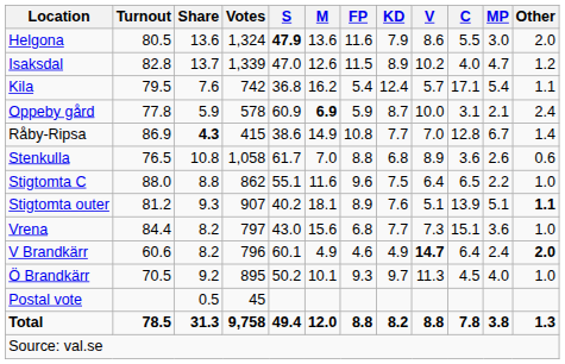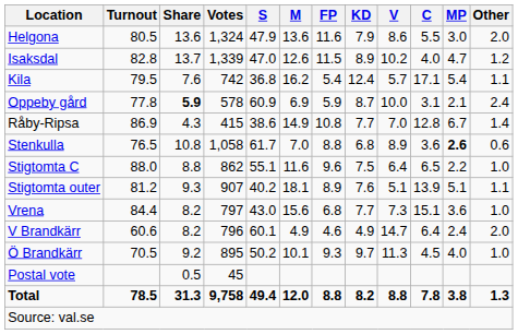 <table class="wikitable sortable" style=text-align:right>
 <tr>
 <th>Location</th>
 <th>Turnout</th>
 <th>Share</th>
 <th>Votes</th>
 <th><a href='#'>S</a></th>
 <th><a href='#'>M</a></th>
 <th><a href='#'>FP</a></th>
 <th><a href='#'>KD</a></th>
 <th><a href='#'>V</a></th>
 <th><a href='#'>C</a></th>
 <th><a href='#'>MP</a></th>
 <th>Other</th>
 </tr>
 <tr>
 <td align=left><a href='#'>Helgona</a></td>
 <td>80.5</td>
 <td>13.6</td>
 <td>1,324</td>
-<td><strong>47.9</strong></td>
+<td>47.9</td>
 <td>13.6</td>
 <td>11.6</td>
 <td>7.9</td>
 <td>8.6</td>
 <td>5.5</td>
 <td>3.0</td>
 <td>2.0</td>
 </tr>
 <tr>
 <td align=left><a href='#'>Isaksdal</a></td>
 <td>82.8</td>
 <td>13.7</td>
 <td>1,339</td>
 <td>47.0</td>
 <td>12.6</td>
 <td>11.5</td>
 <td>8.9</td>
 <td>10.2</td>
 <td>4.0</td>
 <td>4.7</td>
 <td>1.2</td>
 </tr>
 <tr>
 <td align=left><a href='#'>Kila</a></td>
 <td>79.5</td>
 <td>7.6</td>
 <td>742</td>
 <td>36.8</td>
 <td>16.2</td>
 <td>5.4</td>
 <td>12.4</td>
 <td>5.7</td>
 <td>17.1</td>
 <td>5.4</td>
 <td>1.1</td>
 </tr>
 <tr>
 <td align=left><a href='#'>Oppeby gård</a></td>
 <td>77.8</td>
-<td>5.9</td>
+<td><strong>5.9</strong></td>
 <td>578</td>
 <td>60.9</td>
-<td><strong>6.9</strong></td>
+<td>6.9</td>
 <td>5.9</td>
 <td>8.7</td>
 <td>10.0</td>
 <td>3.1</td>
 <td>2.1</td>
 <td>2.4</td>
 </tr>
 <tr>
 <td align=left>Råby-Ripsa</td>
 <td>86.9</td>
-<td><strong>4.3</strong></td>
+<td>4.3</td>
 <td>415</td>
 <td>38.6</td>
 <td>14.9</td>
 <td>10.8</td>
 <td>7.7</td>
 <td>7.0</td>
 <td>12.8</td>
 <td>6.7</td>
 <td>1.4</td>
 </tr>
 <tr>
 <td align=left><a href='#'>Stenkulla</a></td>
 <td>76.5</td>
 <td>10.8</td>
 <td>1,058</td>
 <td>61.7</td>
 <td>7.0</td>
 <td>8.8</td>
 <td>6.8</td>
 <td>8.9</td>
 <td>3.6</td>
-<td>2.6</td>
+<td><strong>2.6</strong></td>
 <td>0.6</td>
 </tr>
 <tr>
 <td align=left><a href='#'>Stigtomta C</a></td>
 <td>88.0</td>
 <td>8.8</td>
 <td>862</td>
 <td>55.1</td>
 <td>11.6</td>
 <td>9.6</td>
 <td>7.5</td>
 <td>6.4</td>
 <td>6.5</td>
 <td>2.2</td>
 <td>1.0</td>
 </tr>
 <tr>
 <td align=left><a href='#'>Stigtomta outer</a></td>
 <td>81.2</td>
 <td>9.3</td>
 <td>907</td>
 <td>40.2</td>
 <td>18.1</td>
 <td>8.9</td>
 <td>7.6</td>
 <td>5.1</td>
 <td>13.9</td>
 <td>5.1</td>
-<td><strong>1.1</strong></td>
+<td>1.1</td>
 </tr>
 <tr>
 <td align=left><a href='#'>Vrena</a></td>
 <td>84.4</td>
 <td>8.2</td>
 <td>797</td>
 <td>43.0</td>
 <td>15.6</td>
 <td>6.8</td>
 <td>7.7</td>
 <td>7.3</td>
 <td>15.1</td>
 <td>3.6</td>
 <td>1.0</td>
 </tr>
 <tr>
 <td align=left><a href='#'>V Brandkärr</a></td>
 <td>60.6</td>
 <td>8.2</td>
 <td>796</td>
 <td>60.1</td>
 <td>4.9</td>
 <td>4.6</td>
 <td>4.9</td>
-<td><strong>14.7</strong></td>
+<td>14.7</td>
 <td>6.4</td>
 <td>2.4</td>
-<td><strong>2.0</strong></td>
+<td>2.0</td>
 </tr>
 <tr>
 <td align=left><a href='#'>Ö Brandkärr</a></td>
 <td>70.5</td>
 <td>9.2</td>
 <td>895</td>
 <td>50.2</td>
 <td>10.1</td>
 <td>9.3</td>
 <td>9.7</td>
 <td>11.3</td>
 <td>4.5</td>
 <td>4.0</td>
 <td>1.0</td>
 </tr>
 <tr>
 <td align=left><a href='#'>Postal vote</a></td>
 <td></td>
 <td>0.5</td>
 <td>45</td>
 <td></td>
 <td></td>
 <td></td>
 <td></td>
 <td></td>
 <td></td>
 <td></td>
 <td></td>
 </tr>
 <tr>
 <td align=left><strong>Total</strong></td>
 <td><strong>78.5</strong></td>
 <td><strong>31.3</strong></td>
 <td><strong>9,758</strong></td>
 <td><strong>49.4</strong></td>
 <td><strong>12.0</strong></td>
 <td><strong>8.8</strong></td>
 <td><strong>8.2</strong></td>
 <td><strong>8.8</strong></td>
 <td><strong>7.8</strong></td>
 <td><strong>3.8</strong></td>
 <td><strong>1.3</strong></td>
 </tr>
 <tr>
 <td align=left colspan=12>Source: val.se</td>
 </tr>
 </table>
